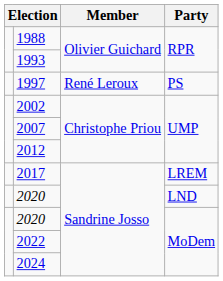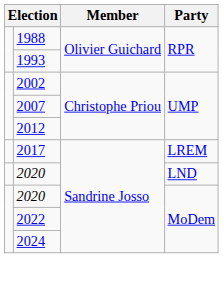 <table class="wikitable">
 <tr>
 <th colspan="2">Election</th>
 <th>Member</th>
 <th>Party</th>
 </tr>
 <tr>
 <td rowspan="2" style="color:inherit;background-color: "></td>
 <td><a href='#'>1988</a></td>
 <td rowspan="2"><a href='#'>Olivier Guichard</a></td>
 <td rowspan="2"><a href='#'>RPR</a></td>
 </tr>
 <tr>
 <td><a href='#'>1993</a></td>
-</tr>
-<tr>
-<td style="color:inherit;background-color: "></td>
-<td><a href='#'>1997</a></td>
-<td><a href='#'>René Leroux</a></td>
-<td><a href='#'>PS</a></td>
 </tr>
 <tr>
 <td rowspan="3" style="color:inherit;background-color: "></td>
 <td><a href='#'>2002</a></td>
 <td rowspan="3"><a href='#'>Christophe Priou</a></td>
 <td rowspan="3"><a href='#'>UMP</a></td>
 </tr>
 <tr>
 <td><a href='#'>2007</a></td>
 </tr>
 <tr>
 <td><a href='#'>2012</a></td>
 </tr>
 <tr>
 <td style="color:inherit;background-color: "></td>
 <td><a href='#'>2017</a></td>
 <td rowspan=5><a href='#'>Sandrine Josso</a></td>
 <td><a href='#'>LREM</a></td>
 </tr>
 <tr>
 <td style="color:inherit;background-color: "></td>
 <td><em>2020</em></td>
 <td><a href='#'>LND</a></td>
 </tr>
 <tr>
 <td rowspan=3 style="color:inherit;background-color: "></td>
 <td><em>2020</em></td>
 <td rowspan=3><a href='#'>MoDem</a></td>
 </tr>
 <tr>
 <td><a href='#'>2022</a></td>
 </tr>
 <tr>
 <td><a href='#'>2024</a></td>
 </tr>
 </table>
